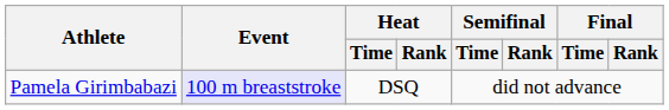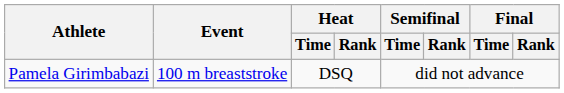 <table class=wikitable style="font-size:90%">
 <tr>
 <th rowspan="2">Athlete</th>
 <th rowspan="2">Event</th>
 <th colspan="2">Heat</th>
 <th colspan="2">Semifinal</th>
 <th colspan="2">Final</th>
 </tr>
 <tr style="font-size:95%">
 <th>Time</th>
 <th>Rank</th>
 <th>Time</th>
 <th>Rank</th>
 <th>Time</th>
 <th>Rank</th>
 </tr>
 <tr align=center>
 <td align=left><a href='#'>Pamela Girimbabazi</a></td>
-<td align=left style="background: lavender;"><a href='#'>100 m breaststroke</a></td>
+<td align=left><a href='#'>100 m breaststroke</a></td>
 <td colspan=2>DSQ</td>
 <td colspan=4>did not advance</td>
 </tr>
 </table>
